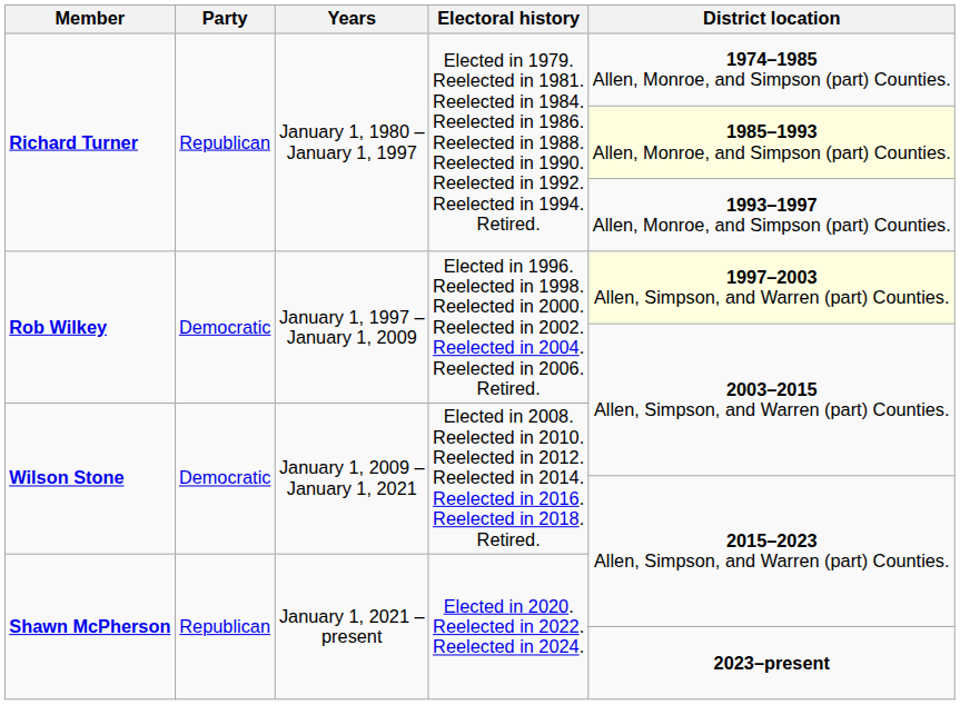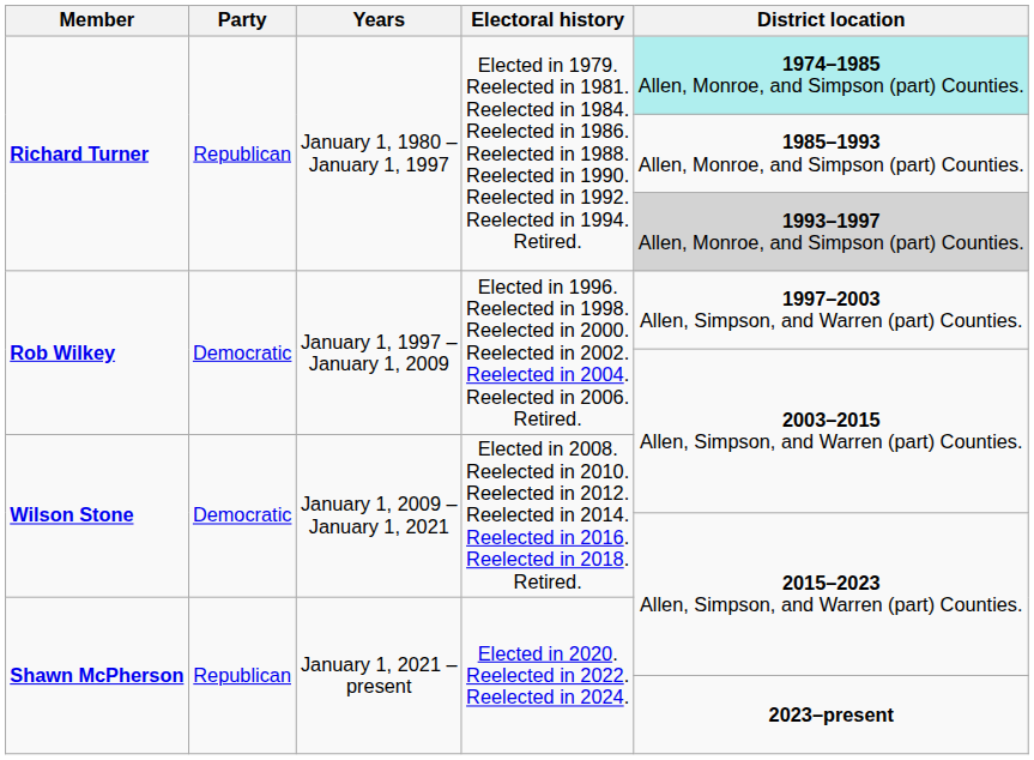 <table class=wikitable style="text-align:center">
 <tr>
 <th>Member</th>
 <th>Party</th>
 <th>Years</th>
 <th>Electoral history</th>
 <th>District location</th>
 </tr>
 <tr style="height:4em">
 <td rowspan=3 align=left><strong><a href='#'>Richard Turner</a></strong><br></td>
 <td rowspan=3 ><a href='#'>Republican</a></td>
 <td rowspan=3 nowrap>January 1, 1980 –<br>January 1, 1997</td>
 <td rowspan=3>Elected in 1979.<br>Reelected in 1981.<br>Reelected in 1984.<br>Reelected in 1986.<br>Reelected in 1988.<br>Reelected in 1990.<br>Reelected in 1992.<br>Reelected in 1994.<br>Retired.</td>
-<td><strong>1974–1985</strong><br>Allen, Monroe, and Simpson (part) Counties.</td>
+<td style="background: paleturquoise;"><strong>1974–1985</strong><br>Allen, Monroe, and Simpson (part) Counties.</td>
 </tr>
 <tr style="height:4em">
-<td style="background: lightyellow;"><strong>1985–1993</strong><br>Allen, Monroe, and Simpson (part) Counties.</td>
+<td><strong>1985–1993</strong><br>Allen, Monroe, and Simpson (part) Counties.</td>
 </tr>
 <tr style="height:4em">
-<td><strong>1993–1997</strong><br>Allen, Monroe, and Simpson (part) Counties.</td>
+<td style="background: lightgrey;"><strong>1993–1997</strong><br>Allen, Monroe, and Simpson (part) Counties.</td>
 </tr>
 <tr style="height:4em">
 <td rowspan=2 align=left><strong><a href='#'>Rob Wilkey</a></strong><br></td>
 <td rowspan=2 ><a href='#'>Democratic</a></td>
 <td rowspan=2 nowrap>January 1, 1997 –<br>January 1, 2009</td>
 <td rowspan=2>Elected in 1996.<br>Reelected in 1998.<br>Reelected in 2000.<br>Reelected in 2002.<br><a href='#'>Reelected in 2004</a>.<br>Reelected in 2006.<br>Retired.</td>
-<td style="background: lightyellow;"><strong>1997–2003</strong><br>Allen, Simpson, and Warren (part) Counties.</td>
+<td><strong>1997–2003</strong><br>Allen, Simpson, and Warren (part) Counties.</td>
 </tr>
 <tr style="height:4em">
 <td rowspan=2><strong>2003–2015</strong><br>Allen, Simpson, and Warren (part) Counties.</td>
 </tr>
 <tr style="height:4em">
 <td rowspan=2 align=left><strong><a href='#'>Wilson Stone</a></strong><br></td>
 <td rowspan=2 ><a href='#'>Democratic</a></td>
 <td rowspan=2 nowrap>January 1, 2009 –<br>January 1, 2021</td>
 <td rowspan=2>Elected in 2008.<br>Reelected in 2010.<br>Reelected in 2012.<br>Reelected in 2014.<br><a href='#'>Reelected in 2016</a>.<br><a href='#'>Reelected in 2018</a>.<br>Retired.</td>
 </tr>
 <tr style="height:4em">
 <td rowspan=2><strong>2015–2023</strong><br>Allen, Simpson, and Warren (part) Counties.</td>
 </tr>
 <tr style="height:4em">
 <td rowspan=2 align=left><strong><a href='#'>Shawn McPherson</a></strong><br></td>
 <td rowspan=2 ><a href='#'>Republican</a></td>
 <td rowspan=2 nowrap>January 1, 2021 –<br>present</td>
 <td rowspan=2><a href='#'>Elected in 2020</a>.<br><a href='#'>Reelected in 2022</a>.<br><a href='#'>Reelected in 2024</a>.</td>
 </tr>
 <tr style="height:4em">
 <td><strong>2023–present</strong><br></td>
 </tr>
 </table>
